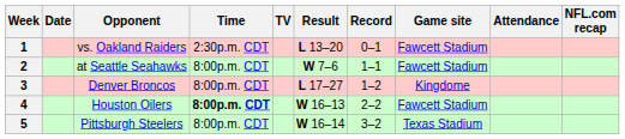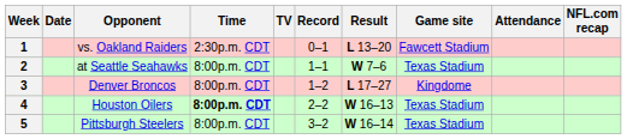 <table class="wikitable" style="text-align:center">
 <tr>
 <th>Week</th>
 <th>Date</th>
 <th>Opponent</th>
 <th>Time</th>
 <th>TV</th>
+<th>Record</th>
 <th>Result</th>
-<th>Record</th>
 <th>Game site</th>
 <th>Attendance</th>
 <th>NFL.com<br>recap</th>
 </tr>
 <tr style="background: #fcc;">
 <th>1</th>
 <td></td>
 <td>vs. <a href='#'>Oakland Raiders</a><br></td>
 <td>2:30p.m. <a href='#'>CDT</a></td>
 <td></td>
+<td>0–1</td>
 <td><strong>L</strong> 13–20</td>
-<td>0–1</td>
 <td><a href='#'>Fawcett Stadium</a></td>
 <td></td>
 <td></td>
 </tr>
 <tr style="background: #cfc;">
 <th>2</th>
 <td></td>
 <td>at <a href='#'>Seattle Seahawks</a></td>
 <td>8:00p.m. <a href='#'>CDT</a></td>
 <td></td>
+<td>1–1</td>
 <td><strong>W</strong> 7–6</td>
-<td>1–1</td>
-<td><a href='#'>Fawcett Stadium</a></td>
+<td><a href='#'>Texas Stadium</a></td>
 <td></td>
 <td></td>
 </tr>
 <tr style="background: #fcc;">
 <th>3</th>
 <td></td>
 <td><a href='#'>Denver Broncos</a></td>
 <td>8:00p.m. <a href='#'>CDT</a></td>
 <td></td>
+<td>1–2</td>
 <td><strong>L</strong> 17–27</td>
-<td>1–2</td>
 <td><a href='#'>Kingdome</a></td>
 <td></td>
 <td></td>
 </tr>
 <tr style="background: #cfc;">
 <th>4</th>
 <td></td>
 <td><a href='#'>Houston Oilers</a></td>
 <td><strong>8:00p.m. <a href='#'>CDT</a></strong></td>
 <td></td>
+<td>2–2</td>
 <td><strong>W</strong> 16–13</td>
-<td>2–2</td>
-<td><a href='#'>Fawcett Stadium</a></td>
+<td><a href='#'>Texas Stadium</a></td>
 <td></td>
 <td></td>
 </tr>
 <tr style="background: #cfc;">
 <th>5</th>
 <td></td>
 <td><a href='#'>Pittsburgh Steelers</a></td>
 <td>8:00p.m. <a href='#'>CDT</a></td>
 <td></td>
+<td>3–2</td>
 <td><strong>W</strong> 16–14</td>
-<td>3–2</td>
 <td><a href='#'>Texas Stadium</a></td>
 <td></td>
 <td></td>
 </tr>
 </table>
